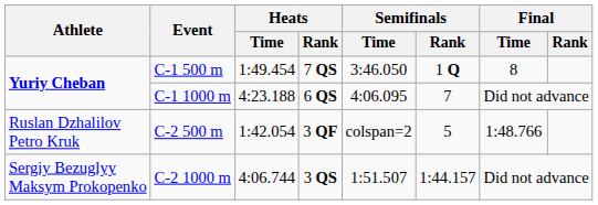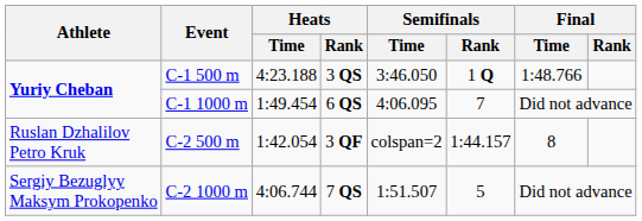 <table class=wikitable style="font-size:90%">
 <tr>
 <th rowspan="2">Athlete</th>
 <th rowspan="2">Event</th>
 <th colspan="2">Heats</th>
 <th colspan="2">Semifinals</th>
 <th colspan="2">Final</th>
 </tr>
 <tr style="font-size:95%">
 <th>Time</th>
 <th>Rank</th>
 <th>Time</th>
 <th>Rank</th>
 <th>Time</th>
 <th>Rank</th>
 </tr>
 <tr align=center>
 <td align=left rowspan=2><strong><a href='#'>Yuriy Cheban</a></strong></td>
 <td align=left><a href='#'>C-1 500 m</a></td>
-<td>1:49.454</td>
-<td>7 <strong>QS</strong></td>
+<td>4:23.188</td>
+<td>3 <strong>QS</strong></td>
 <td>3:46.050</td>
 <td>1 <strong>Q</strong></td>
-<td>8</td>
+<td>1:48.766</td>
 <td></td>
 </tr>
 <tr align=center>
 <td align=left><a href='#'>C-1 1000 m</a></td>
-<td>4:23.188</td>
+<td>1:49.454</td>
 <td>6 <strong>QS</strong></td>
 <td>4:06.095</td>
 <td>7</td>
 <td colspan=2>Did not advance</td>
 </tr>
 <tr align=center>
 <td align=left><a href='#'>Ruslan Dzhalilov</a><br><a href='#'>Petro Kruk</a></td>
 <td align=left><a href='#'>C-2 500 m</a></td>
 <td>1:42.054</td>
 <td>3 <strong>QF</strong></td>
 <td>colspan=2 </td>
-<td>5</td>
-<td>1:48.766</td>
+<td>1:44.157</td>
+<td>8</td>
 </tr>
 <tr align=center>
 <td align=left><a href='#'>Sergiy Bezuglyy</a><br><a href='#'>Maksym Prokopenko</a></td>
 <td align=left><a href='#'>C-2 1000 m</a></td>
 <td>4:06.744</td>
-<td>3 <strong>QS</strong></td>
+<td>7 <strong>QS</strong></td>
 <td>1:51.507</td>
-<td>1:44.157</td>
+<td>5</td>
 <td colspan=2>Did not advance</td>
 </tr>
 </table>
